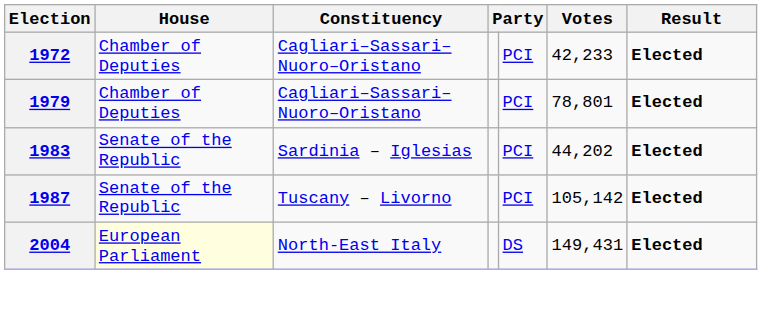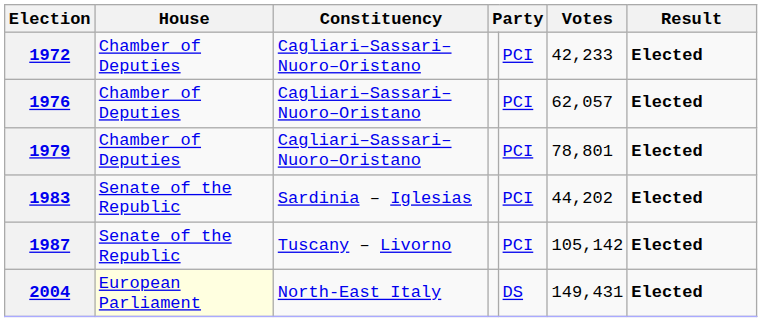 <table class=wikitable style="width:65%; border:1px #AAAAFF solid">
 <tr>
 <th width=12%>Election</th>
 <th width=25%>House</th>
 <th width=30%>Constituency</th>
 <th width=5% colspan="2">Party</th>
 <th width=10%>Votes</th>
 <th width=25%>Result</th>
 </tr>
 <tr>
 <th><a href='#'>1972</a></th>
 <td><a href='#'>Chamber of Deputies</a></td>
 <td><a href='#'>Cagliari–Sassari–Nuoro–Oristano</a></td>
 <td></td>
 <td><a href='#'>PCI</a></td>
 <td>42,233</td>
+<td> <strong>Elected</strong></td>
+</tr>
+<tr>
+<th><a href='#'>1976</a></th>
+<td><a href='#'>Chamber of Deputies</a></td>
+<td><a href='#'>Cagliari–Sassari–Nuoro–Oristano</a></td>
+<td></td>
+<td><a href='#'>PCI</a></td>
+<td>62,057</td>
 <td> <strong>Elected</strong></td>
 </tr>
 <tr>
 <th><a href='#'>1979</a></th>
 <td><a href='#'>Chamber of Deputies</a></td>
 <td><a href='#'>Cagliari–Sassari–Nuoro–Oristano</a></td>
 <td></td>
 <td><a href='#'>PCI</a></td>
 <td>78,801</td>
 <td> <strong>Elected</strong></td>
 </tr>
 <tr>
 <th><a href='#'>1983</a></th>
 <td><a href='#'>Senate of the Republic</a></td>
 <td><a href='#'>Sardinia</a> – <a href='#'>Iglesias</a></td>
 <td></td>
 <td><a href='#'>PCI</a></td>
 <td>44,202</td>
 <td> <strong>Elected</strong></td>
 </tr>
 <tr>
 <th><a href='#'>1987</a></th>
 <td><a href='#'>Senate of the Republic</a></td>
 <td><a href='#'>Tuscany</a> – <a href='#'>Livorno</a></td>
 <td></td>
 <td><a href='#'>PCI</a></td>
 <td>105,142</td>
 <td> <strong>Elected</strong></td>
 </tr>
 <tr>
 <th><a href='#'>2004</a></th>
 <td style="background: lightyellow;"><a href='#'>European Parliament</a></td>
 <td><a href='#'>North-East Italy</a></td>
 <td></td>
 <td><a href='#'>DS</a></td>
 <td>149,431</td>
 <td> <strong>Elected</strong></td>
 </tr>
 <tr>
 </tr>
 </table>
